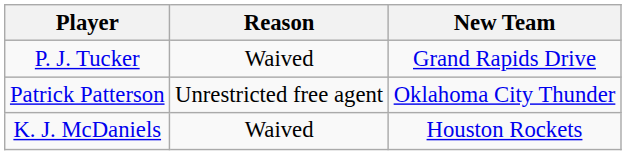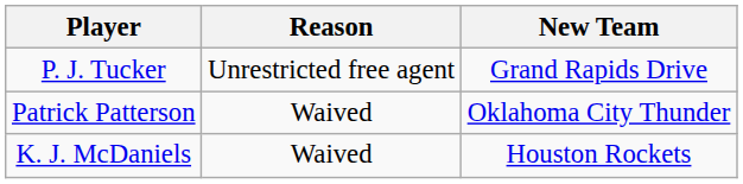 <table class="wikitable sortable sortable" style="text-align: center">
 <tr>
 <th>Player</th>
 <th>Reason</th>
 <th>New Team</th>
 </tr>
 <tr style="text-align: center">
 <td><a href='#'>P. J. Tucker</a></td>
-<td>Waived</td>
+<td>Unrestricted free agent</td>
 <td><a href='#'>Grand Rapids Drive</a></td>
 </tr>
 <tr>
 <td><a href='#'>Patrick Patterson</a></td>
-<td>Unrestricted free agent</td>
+<td>Waived</td>
 <td><a href='#'>Oklahoma City Thunder</a></td>
 </tr>
 <tr>
 <td><a href='#'>K. J. McDaniels</a></td>
 <td>Waived</td>
 <td><a href='#'>Houston Rockets</a></td>
 </tr>
 </table>
